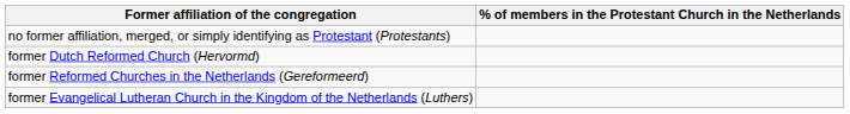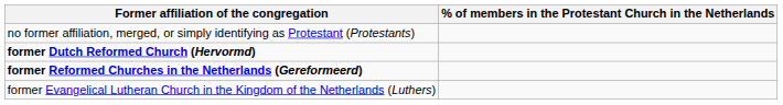 <table class="wikitable sortable" font-size:80%;">
 <tr>
 <th>Former affiliation of the congregation</th>
 <th colspan="100">% of members in the Protestant Church in the Netherlands</th>
 </tr>
 <tr>
 <td>no former affiliation, merged, or simply identifying as <a href='#'>Protestant</a> (<em>Protestants</em>)</td>
 <td align=right></td>
 </tr>
 <tr>
-<td>former <a href='#'>Dutch Reformed Church</a> (<em>Hervormd</em>)</td>
+<td><strong>former <a href='#'>Dutch Reformed Church</a> (<em>Hervormd</em>)</strong></td>
 <td align=right></td>
 </tr>
 <tr>
-<td>former <a href='#'>Reformed Churches in the Netherlands</a> (<em>Gereformeerd</em>)</td>
+<td><strong>former <a href='#'>Reformed Churches in the Netherlands</a> (<em>Gereformeerd</em>)</strong></td>
 <td align=right></td>
 </tr>
 <tr>
 <td>former <a href='#'>Evangelical Lutheran Church in the Kingdom of the Netherlands</a> (<em>Luthers</em>)</td>
 <td align=right></td>
 </tr>
 </table>
